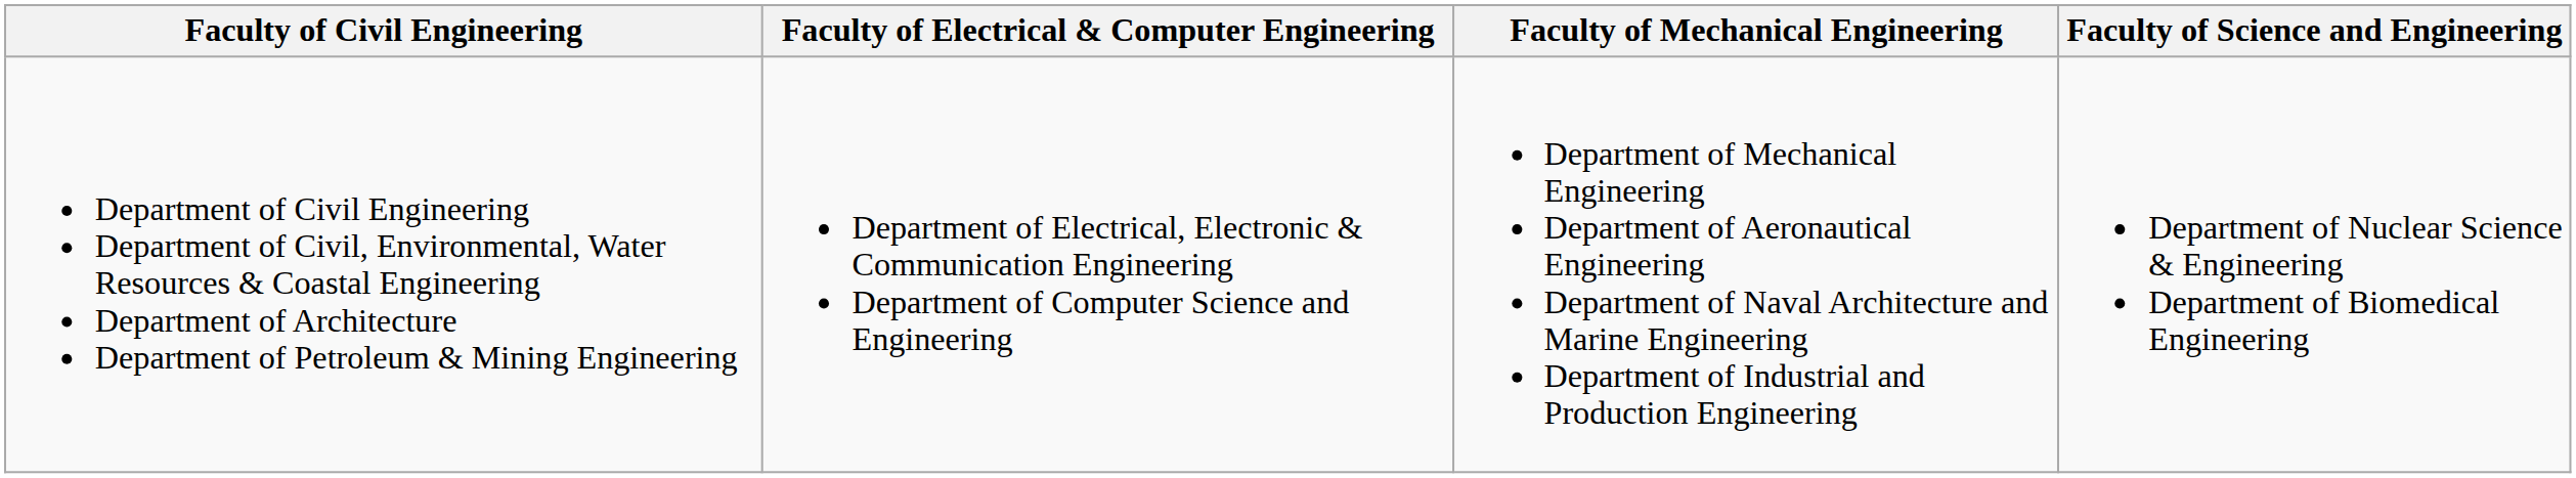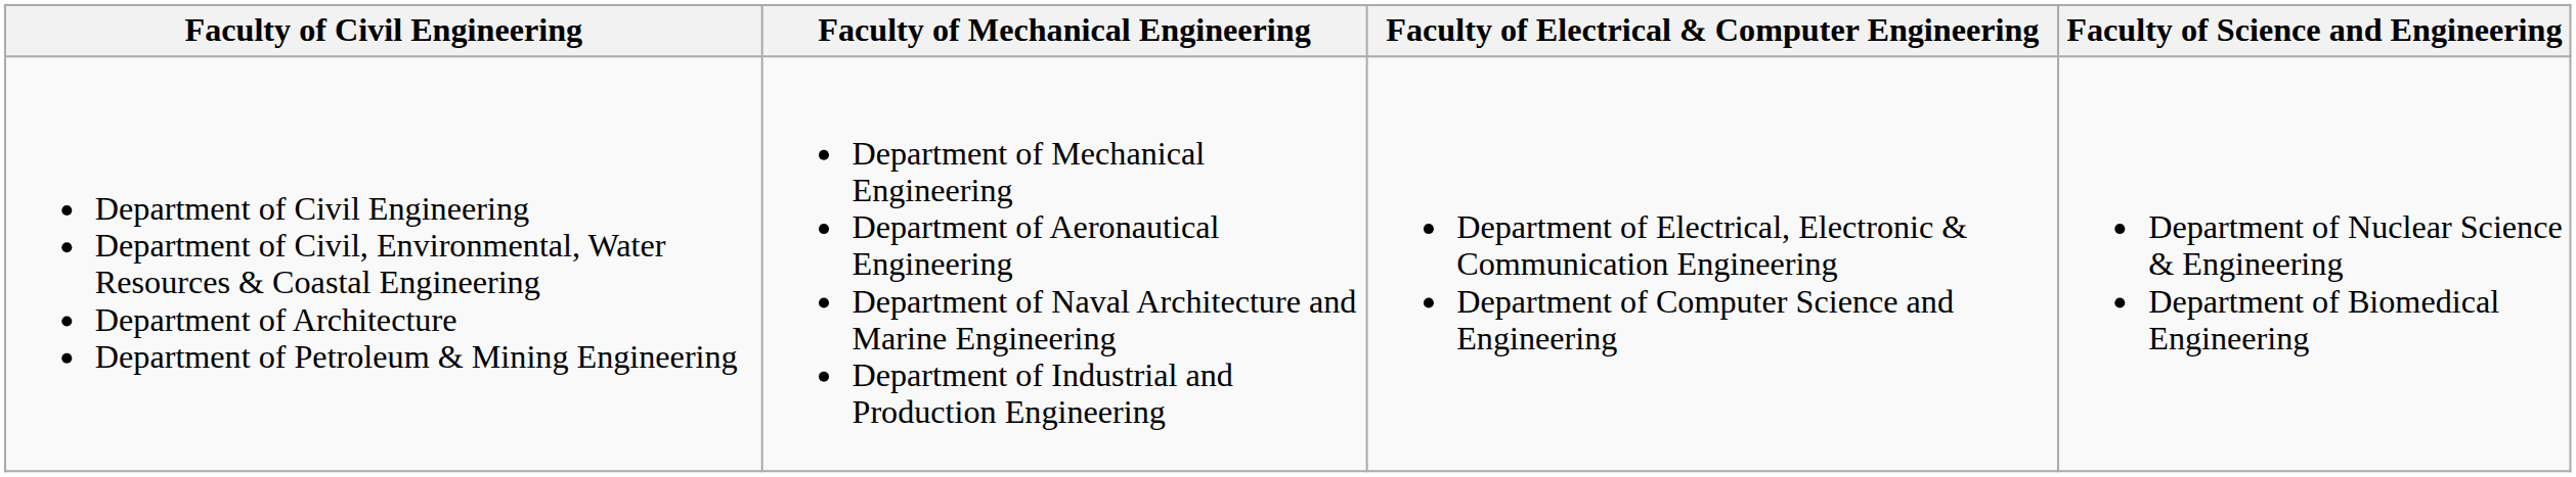 <table class="wikitable">
 <tr>
 <th>Faculty of Civil Engineering</th>
+<th>Faculty of Mechanical Engineering</th>
 <th>Faculty of Electrical & Computer Engineering</th>
-<th>Faculty of Mechanical Engineering</th>
 <th>Faculty of Science and Engineering</th>
 </tr>
 <tr>
 <td><br><ul><li>Department of Civil Engineering</li><li>Department of Civil, Environmental, Water Resources & Coastal Engineering</li><li>Department of Architecture</li><li>Department of Petroleum & Mining Engineering</li></ul></td>
+<td><br><ul><li>Department of Mechanical Engineering</li><li>Department of Aeronautical Engineering</li><li>Department of Naval Architecture and Marine Engineering</li><li>Department of Industrial and Production Engineering</li></ul></td>
 <td><br><ul><li>Department of Electrical, Electronic & Communication Engineering</li><li>Department of Computer Science and Engineering</li></ul></td>
-<td><br><ul><li>Department of Mechanical Engineering</li><li>Department of Aeronautical Engineering</li><li>Department of Naval Architecture and Marine Engineering</li><li>Department of Industrial and Production Engineering</li></ul></td>
 <td><br><ul><li>Department of Nuclear Science & Engineering</li><li>Department of Biomedical Engineering</li></ul></td>
 </tr>
 </table>
